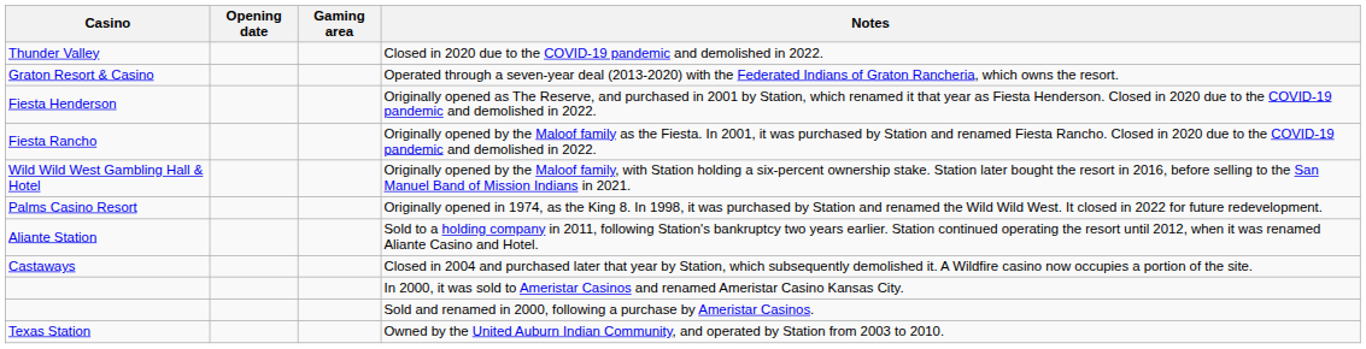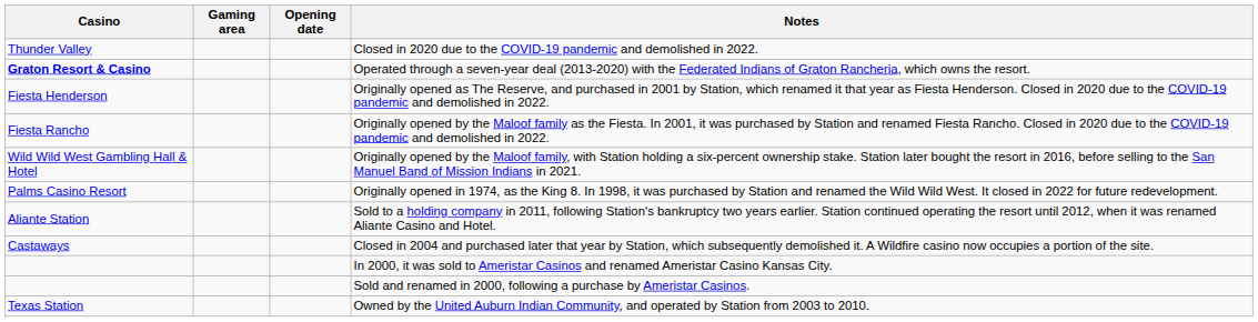 <table class="wikitable sortable" style="margin:1em auto 1em auto;">
 <tr>
 <th>Casino</th>
+<th>Gaming area</th>
 <th>Opening date</th>
-<th>Gaming area</th>
 <th>Notes</th>
 </tr>
 <tr>
 <td><a href='#'>Thunder Valley</a></td>
+<td align="right"></td>
 <td></td>
-<td align="right"></td>
 <td>Closed in 2020 due to the <a href='#'>COVID-19 pandemic</a> and demolished in 2022.</td>
 </tr>
 <tr>
-<td><a href='#'>Graton Resort & Casino</a></td>
+<td><strong><a href='#'>Graton Resort & Casino</a></strong></td>
+<td align="right"></td>
 <td></td>
-<td align="right"></td>
 <td>Operated through a seven-year deal (2013-2020) with the <a href='#'>Federated Indians of Graton Rancheria</a>, which owns the resort.</td>
 </tr>
 <tr>
 <td><a href='#'>Fiesta Henderson</a></td>
+<td align="right"></td>
 <td></td>
-<td align="right"></td>
 <td>Originally opened as The Reserve, and purchased in 2001 by Station, which renamed it that year as Fiesta Henderson. Closed in 2020 due to the <a href='#'>COVID-19 pandemic</a> and demolished in 2022.</td>
 </tr>
 <tr>
 <td><a href='#'>Fiesta Rancho</a></td>
+<td align="right"></td>
 <td></td>
-<td align="right"></td>
 <td>Originally opened by the <a href='#'>Maloof family</a> as the Fiesta. In 2001, it was purchased by Station and renamed Fiesta Rancho. Closed in 2020 due to the <a href='#'>COVID-19 pandemic</a> and demolished in 2022.</td>
 </tr>
 <tr>
 <td><a href='#'>Wild Wild West Gambling Hall & Hotel</a></td>
+<td align="right"></td>
 <td></td>
-<td align="right"></td>
 <td>Originally opened by the <a href='#'>Maloof family</a>, with Station holding a six-percent ownership stake. Station later bought the resort in 2016, before selling to the <a href='#'>San Manuel Band of Mission Indians</a> in 2021.</td>
 </tr>
 <tr>
 <td><a href='#'>Palms Casino Resort</a></td>
+<td align="right"></td>
 <td></td>
-<td align="right"></td>
 <td>Originally opened in 1974, as the King 8. In 1998, it was purchased by Station and renamed the Wild Wild West. It closed in 2022 for future redevelopment.</td>
 </tr>
 <tr>
 <td><a href='#'>Aliante Station</a></td>
+<td align="right"></td>
 <td {{nowrap></td>
-<td align="right"></td>
 <td>Sold to a <a href='#'>holding company</a> in 2011, following Station's bankruptcy two years earlier. Station continued operating the resort until 2012, when it was renamed Aliante Casino and Hotel.</td>
 </tr>
 <tr>
 <td><a href='#'>Castaways</a></td>
+<td align="right"></td>
 <td {{nowrap></td>
-<td align="right"></td>
 <td>Closed in 2004 and purchased later that year by Station, which subsequently demolished it. A Wildfire casino now occupies a portion of the site.</td>
 </tr>
 <tr>
 <td></td>
+<td align="right"></td>
 <td></td>
-<td align="right"></td>
 <td>In 2000, it was sold to <a href='#'>Ameristar Casinos</a> and renamed Ameristar Casino Kansas City.</td>
 </tr>
 <tr>
 <td></td>
+<td align="right"></td>
 <td></td>
-<td align="right"></td>
 <td>Sold and renamed in 2000, following a purchase by <a href='#'>Ameristar Casinos</a>.</td>
 </tr>
 <tr>
 <td><a href='#'>Texas Station</a></td>
+<td align="right"></td>
 <td></td>
-<td align="right"></td>
 <td>Owned by the <a href='#'>United Auburn Indian Community</a>, and operated by Station from 2003 to 2010.</td>
 </tr>
 </table>
